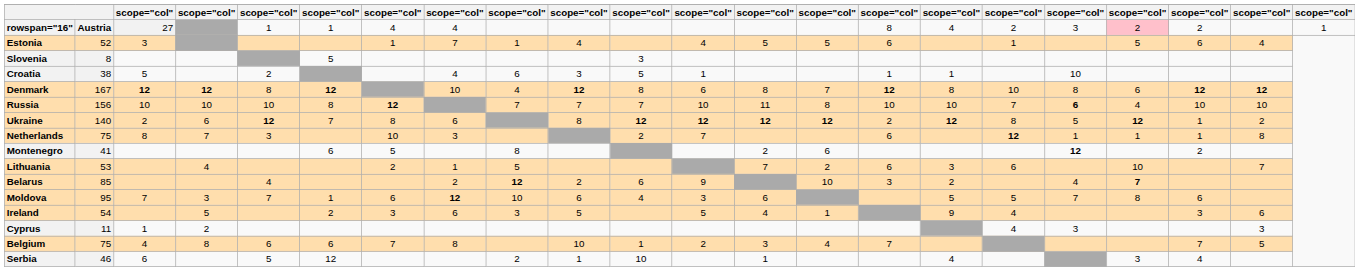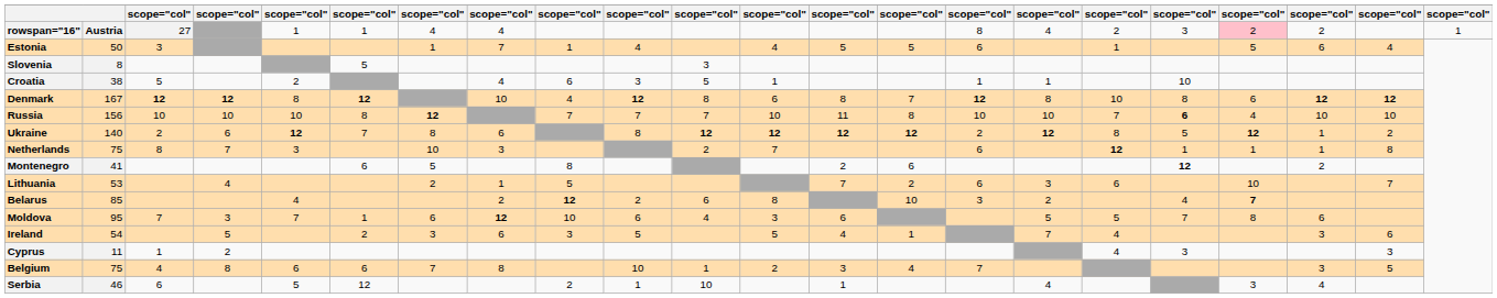 <table class="wikitable plainrowheaders" style="text-align:center; font-size:85%;">
 <tr>
 </tr>
 <tr>
 <th colspan="2"></th>
 <th>scope="col" </th>
 <th>scope="col" </th>
 <th>scope="col" </th>
 <th>scope="col" </th>
 <th>scope="col" </th>
 <th>scope="col" </th>
 <th>scope="col" </th>
 <th>scope="col" </th>
 <th>scope="col" </th>
 <th>scope="col" </th>
 <th>scope="col" </th>
 <th>scope="col" </th>
 <th>scope="col" </th>
 <th>scope="col" </th>
 <th>scope="col" </th>
 <th>scope="col" </th>
 <th>scope="col" </th>
 <th>scope="col" </th>
 <th>scope="col" </th>
 <th>scope="col" </th>
 </tr>
 <tr>
 <th>rowspan="16" </th>
 <th scope="row" style="text-align:left; background:#f2f2f2;">Austria</th>
 <td style="text-align:right; background:#f2f2f2;">27</td>
 <td style="text-align:left; background:#aaa;"></td>
 <td>1</td>
 <td>1</td>
 <td>4</td>
 <td>4</td>
 <td></td>
 <td></td>
 <td></td>
 <td></td>
 <td></td>
 <td></td>
 <td>8</td>
 <td>4</td>
 <td>2</td>
 <td>3</td>
 <td style="background: pink;">2</td>
 <td>2</td>
 <td></td>
 <td>1</td>
 </tr>
 <tr style="background:#ffdead;">
 <th scope="row" style="text-align:left; font-weight:bold; background:#ffdead;">Estonia</th>
-<td style="text-align:right;">52</td>
+<td style="text-align:right;">50</td>
 <td>3</td>
 <td style="text-align:left; background:#aaa;"></td>
 <td></td>
 <td></td>
 <td>1</td>
 <td>7</td>
 <td>1</td>
 <td>4</td>
 <td></td>
 <td>4</td>
 <td>5</td>
 <td>5</td>
 <td>6</td>
 <td></td>
 <td>1</td>
 <td></td>
 <td>5</td>
 <td>6</td>
 <td>4</td>
 </tr>
 <tr>
 <th scope="row" style="text-align:left; background:#f2f2f2;">Slovenia</th>
 <td style="text-align:right; background:#f2f2f2;">8</td>
 <td></td>
 <td></td>
 <td style="text-align:left; background:#aaa;"></td>
 <td>5</td>
 <td></td>
 <td></td>
 <td></td>
 <td></td>
 <td>3</td>
 <td></td>
 <td></td>
 <td></td>
 <td></td>
 <td></td>
 <td></td>
 <td></td>
 <td></td>
 <td></td>
 <td></td>
 </tr>
 <tr>
 <th scope="row" style="text-align:left; background:#f2f2f2;">Croatia</th>
 <td style="text-align:right; background:#f2f2f2;">38</td>
 <td>5</td>
 <td></td>
 <td>2</td>
 <td style="text-align:left; background:#aaa;"></td>
 <td></td>
 <td>4</td>
 <td>6</td>
 <td>3</td>
 <td>5</td>
 <td>1</td>
 <td></td>
 <td></td>
 <td>1</td>
 <td>1</td>
 <td></td>
 <td>10</td>
 <td></td>
 <td></td>
 <td></td>
 </tr>
 <tr style="background:#ffdead;">
 <th scope="row" style="text-align:left; font-weight:bold; background:#ffdead;">Denmark</th>
 <td style="text-align:right;">167</td>
 <td><strong>12</strong></td>
 <td><strong>12</strong></td>
 <td>8</td>
 <td><strong>12</strong></td>
 <td style="text-align:left; background:#aaa;"></td>
 <td>10</td>
 <td>4</td>
 <td><strong>12</strong></td>
 <td>8</td>
 <td>6</td>
 <td>8</td>
 <td>7</td>
 <td><strong>12</strong></td>
 <td>8</td>
 <td>10</td>
 <td>8</td>
 <td>6</td>
 <td><strong>12</strong></td>
 <td><strong>12</strong></td>
 </tr>
 <tr style="background:#ffdead;">
 <th scope="row" style="text-align:left; font-weight:bold; background:#ffdead;">Russia</th>
 <td style="text-align:right;">156</td>
 <td>10</td>
 <td>10</td>
 <td>10</td>
 <td>8</td>
 <td><strong>12</strong></td>
 <td style="text-align:left; background:#aaa;"></td>
 <td>7</td>
 <td>7</td>
 <td>7</td>
 <td>10</td>
 <td>11</td>
 <td>8</td>
 <td>10</td>
 <td>10</td>
 <td>7</td>
 <td><strong>6</strong></td>
 <td>4</td>
 <td>10</td>
 <td>10</td>
 </tr>
 <tr style="background:#ffdead;">
 <th scope="row" style="text-align:left; font-weight:bold; background:#ffdead;">Ukraine</th>
 <td style="text-align:right;">140</td>
 <td>2</td>
 <td>6</td>
 <td><strong>12</strong></td>
 <td>7</td>
 <td>8</td>
 <td>6</td>
 <td style="text-align:left; background:#aaa;"></td>
 <td>8</td>
 <td><strong>12</strong></td>
 <td><strong>12</strong></td>
 <td><strong>12</strong></td>
 <td><strong>12</strong></td>
 <td>2</td>
 <td><strong>12</strong></td>
 <td>8</td>
 <td>5</td>
 <td><strong>12</strong></td>
 <td>1</td>
 <td>2</td>
 </tr>
 <tr style="background:#ffdead;">
 <th scope="row" style="text-align:left; font-weight:bold; background:#ffdead;">Netherlands</th>
 <td style="text-align:right;">75</td>
 <td>8</td>
 <td>7</td>
 <td>3</td>
 <td></td>
 <td>10</td>
 <td>3</td>
 <td></td>
 <td style="text-align:left; background:#aaa;"></td>
 <td>2</td>
 <td>7</td>
 <td></td>
 <td></td>
 <td>6</td>
 <td></td>
 <td><strong>12</strong></td>
 <td>1</td>
 <td>1</td>
 <td>1</td>
 <td>8</td>
 </tr>
 <tr>
 <th scope="row" style="text-align:left; background:#f2f2f2;">Montenegro</th>
 <td style="text-align:right; background:#f2f2f2;">41</td>
 <td></td>
 <td></td>
 <td></td>
 <td>6</td>
 <td>5</td>
 <td></td>
 <td>8</td>
 <td></td>
 <td style="text-align:left; background:#aaa;"></td>
 <td></td>
 <td>2</td>
 <td>6</td>
 <td></td>
 <td></td>
 <td></td>
 <td><strong>12</strong></td>
 <td></td>
 <td>2</td>
 <td></td>
 </tr>
 <tr style="background:#ffdead;">
 <th scope="row" style="text-align:left; font-weight:bold; background:#ffdead;">Lithuania</th>
 <td style="text-align:right;">53</td>
 <td></td>
 <td>4</td>
 <td></td>
 <td></td>
 <td>2</td>
 <td>1</td>
 <td>5</td>
 <td></td>
 <td></td>
 <td style="text-align:left; background:#aaa;"></td>
 <td>7</td>
 <td>2</td>
 <td>6</td>
 <td>3</td>
 <td>6</td>
 <td></td>
 <td>10</td>
 <td></td>
 <td>7</td>
 </tr>
 <tr style="background:#ffdead;">
 <th scope="row" style="text-align:left; font-weight:bold; background:#ffdead;">Belarus</th>
 <td style="text-align:right;">85</td>
 <td></td>
 <td></td>
 <td>4</td>
 <td></td>
 <td></td>
 <td>2</td>
 <td><strong>12</strong></td>
 <td>2</td>
 <td>6</td>
-<td>9</td>
+<td>8</td>
 <td style="text-align:left; background:#aaa;"></td>
 <td>10</td>
 <td>3</td>
 <td>2</td>
 <td></td>
 <td>4</td>
 <td><strong>7</strong></td>
 <td></td>
 <td></td>
 </tr>
 <tr style="background:#ffdead;">
 <th scope="row" style="text-align:left; font-weight:bold; background:#ffdead;">Moldova</th>
 <td style="text-align:right;">95</td>
 <td>7</td>
 <td>3</td>
 <td>7</td>
 <td>1</td>
 <td>6</td>
 <td><strong>12</strong></td>
 <td>10</td>
 <td>6</td>
 <td>4</td>
 <td>3</td>
 <td>6</td>
 <td style="text-align:left; background:#aaa;"></td>
 <td></td>
 <td>5</td>
 <td>5</td>
 <td>7</td>
 <td>8</td>
 <td>6</td>
 <td></td>
 </tr>
 <tr style="background:#ffdead;">
 <th scope="row" style="text-align:left; font-weight:bold; background:#ffdead;">Ireland</th>
 <td style="text-align:right;">54</td>
 <td></td>
 <td>5</td>
 <td></td>
 <td>2</td>
 <td>3</td>
 <td>6</td>
 <td>3</td>
 <td>5</td>
 <td></td>
 <td>5</td>
 <td>4</td>
 <td>1</td>
 <td style="text-align:left; background:#aaa;"></td>
-<td>9</td>
+<td>7</td>
 <td>4</td>
 <td></td>
 <td></td>
 <td>3</td>
 <td>6</td>
 </tr>
 <tr>
 <th scope="row" style="text-align:left; background:#f2f2f2;">Cyprus</th>
 <td style="text-align:right; background:#f2f2f2;">11</td>
 <td>1</td>
 <td>2</td>
 <td></td>
 <td></td>
 <td></td>
 <td></td>
 <td></td>
 <td></td>
 <td></td>
 <td></td>
 <td></td>
 <td></td>
 <td></td>
 <td style="text-align:left; background:#aaa;"></td>
 <td>4</td>
 <td>3</td>
 <td></td>
 <td></td>
 <td>3</td>
 </tr>
 <tr style="background:#ffdead;">
 <th scope="row" style="text-align:left; font-weight:bold; background:#ffdead;">Belgium</th>
 <td style="text-align:right;">75</td>
 <td>4</td>
 <td>8</td>
 <td>6</td>
 <td>6</td>
 <td>7</td>
 <td>8</td>
 <td></td>
 <td>10</td>
 <td>1</td>
 <td>2</td>
 <td>3</td>
 <td>4</td>
 <td>7</td>
 <td></td>
 <td style="text-align:left; background:#aaa;"></td>
 <td></td>
 <td></td>
-<td>7</td>
+<td>3</td>
 <td>5</td>
 </tr>
 <tr>
 <th scope="row" style="text-align:left; background:#f2f2f2;">Serbia</th>
 <td style="text-align:right; background:#f2f2f2;">46</td>
 <td>6</td>
 <td></td>
 <td>5</td>
 <td>12</td>
 <td></td>
 <td></td>
 <td>2</td>
 <td>1</td>
 <td>10</td>
 <td></td>
 <td>1</td>
 <td></td>
 <td></td>
 <td>4</td>
 <td></td>
 <td style="text-align:left; background:#aaa;"></td>
 <td>3</td>
 <td>4</td>
 <td></td>
 </tr>
 </table>
